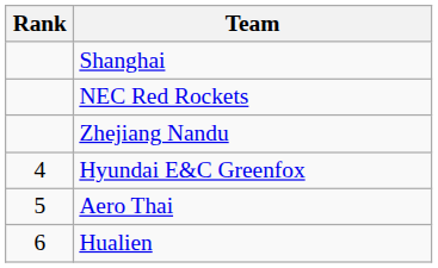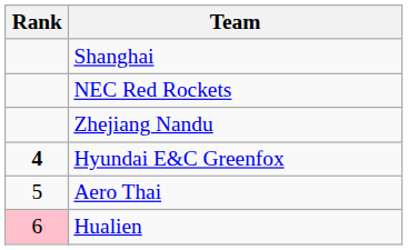 <table class="wikitable" style="text-align: center;">
 <tr>
 <th width=40>Rank</th>
 <th width=240>Team</th>
 </tr>
 <tr>
 <td></td>
 <td align="left"> <a href='#'>Shanghai</a></td>
 </tr>
 <tr>
 <td></td>
 <td align="left"> <a href='#'>NEC Red Rockets</a></td>
 </tr>
 <tr>
 <td></td>
 <td align="left"> <a href='#'>Zhejiang Nandu</a></td>
 </tr>
 <tr>
-<td>4</td>
+<td><strong>4</strong></td>
 <td align="left"> <a href='#'>Hyundai E&C Greenfox</a></td>
 </tr>
 <tr>
 <td>5</td>
 <td align="left"> <a href='#'>Aero Thai</a></td>
 </tr>
 <tr>
-<td>6</td>
+<td style="background: pink;">6</td>
 <td align="left"> <a href='#'>Hualien</a></td>
 </tr>
 </table>
